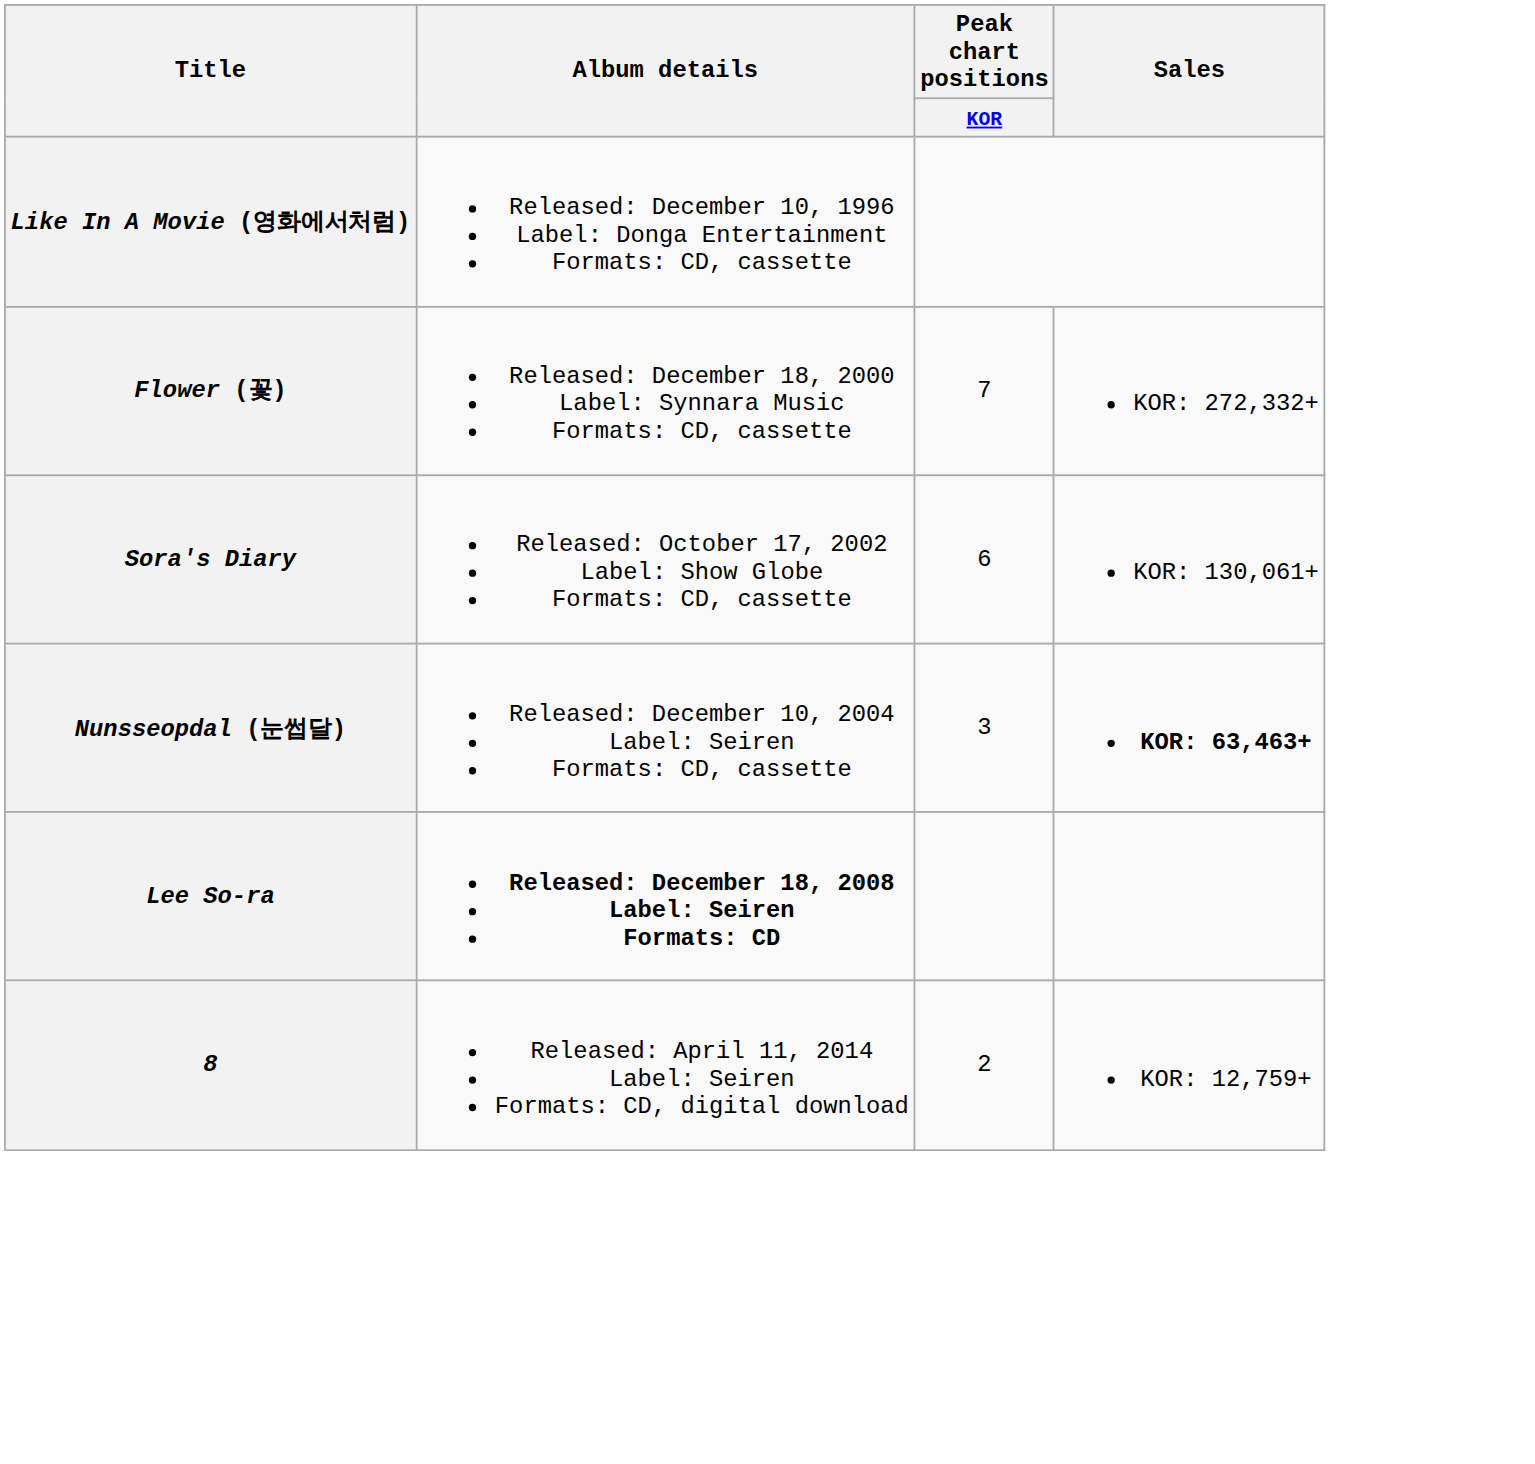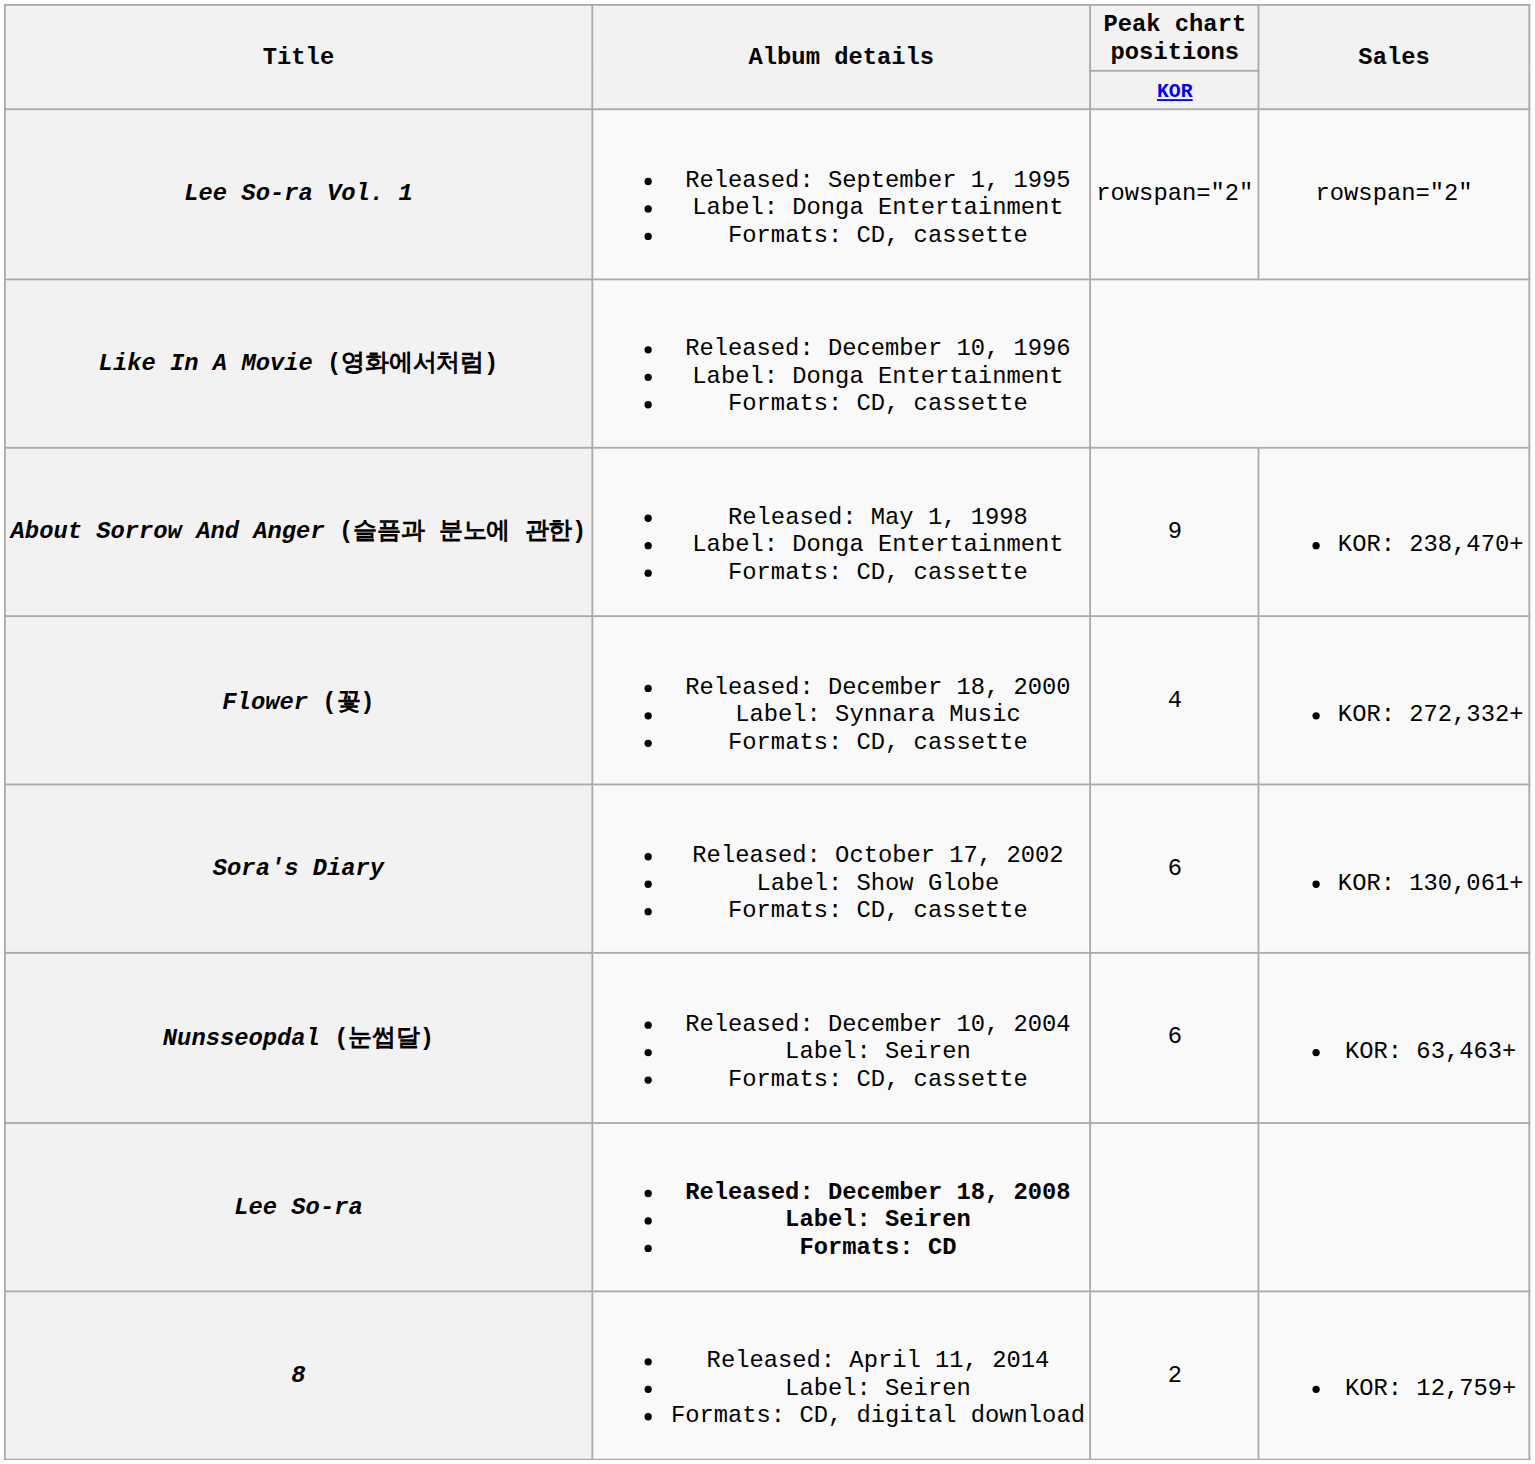 <table class="wikitable plainrowheaders" style="text-align:center;">
 <tr>
 <th scope="col" rowspan="2">Title</th>
 <th scope="col" rowspan="2">Album details</th>
 <th scope="col" colspan="1" style="width:5em;">Peak chart positions</th>
 <th scope="col" rowspan="2">Sales</th>
 </tr>
 <tr>
 <th><small><a href='#'>KOR</a></small><br></th>
 </tr>
 <tr>
+<th scope="row"><em>Lee So-ra Vol. 1</em></th>
+<td><br><ul><li>Released: September 1, 1995</li><li>Label: Donga Entertainment</li><li>Formats: CD, cassette</li></ul></td>
+<td>rowspan="2" </td>
+<td>rowspan="2" </td>
+</tr>
+<tr>
 <th scope="row"><em>Like In A Movie</em> (영화에서처럼)</th>
 <td><br><ul><li>Released: December 10, 1996</li><li>Label: Donga Entertainment</li><li>Formats: CD, cassette</li></ul></td>
 </tr>
 <tr>
+<th scope="row"><em>About Sorrow And Anger</em> (슬픔과 분노에 관한)</th>
+<td><br><ul><li>Released: May 1, 1998</li><li>Label: Donga Entertainment</li><li>Formats: CD, cassette</li></ul></td>
+<td>9</td>
+<td><br><ul><li>KOR: 238,470+</li></ul></td>
+</tr>
+<tr>
 <th scope="row"><em>Flower</em> (꽃)</th>
 <td><br><ul><li>Released: December 18, 2000</li><li>Label: Synnara Music</li><li>Formats: CD, cassette</li></ul></td>
-<td>7</td>
+<td>4</td>
 <td><br><ul><li>KOR: 272,332+</li></ul></td>
 </tr>
 <tr>
 <th scope="row"><em>Sora's Diary</em></th>
 <td><br><ul><li>Released: October 17, 2002</li><li>Label: Show Globe</li><li>Formats: CD, cassette</li></ul></td>
 <td>6</td>
 <td><br><ul><li>KOR: 130,061+</li></ul></td>
 </tr>
 <tr>
 <th scope="row"><em>Nunsseopdal</em> (눈썹달)</th>
 <td><br><ul><li>Released: December 10, 2004</li><li>Label: Seiren</li><li>Formats: CD, cassette</li></ul></td>
-<td>3</td>
-<td><strong><br><ul><li>KOR: 63,463+</li></ul></strong></td>
+<td>6</td>
+<td><br><ul><li>KOR: 63,463+</li></ul></td>
 </tr>
 <tr>
 <th scope="row"><em>Lee So-ra</em></th>
 <td><strong><br><ul><li>Released: December 18, 2008</li><li>Label: Seiren</li><li>Formats: CD</li></ul></strong></td>
 <td></td>
 <td></td>
 </tr>
 <tr>
 <th scope="row"><em>8</em></th>
 <td><br><ul><li>Released: April 11, 2014</li><li>Label: Seiren</li><li>Formats: CD, digital download</li></ul></td>
 <td>2</td>
 <td><br><ul><li>KOR: 12,759+</li></ul></td>
 </tr>
 <tr>
 </tr>
 </table>
